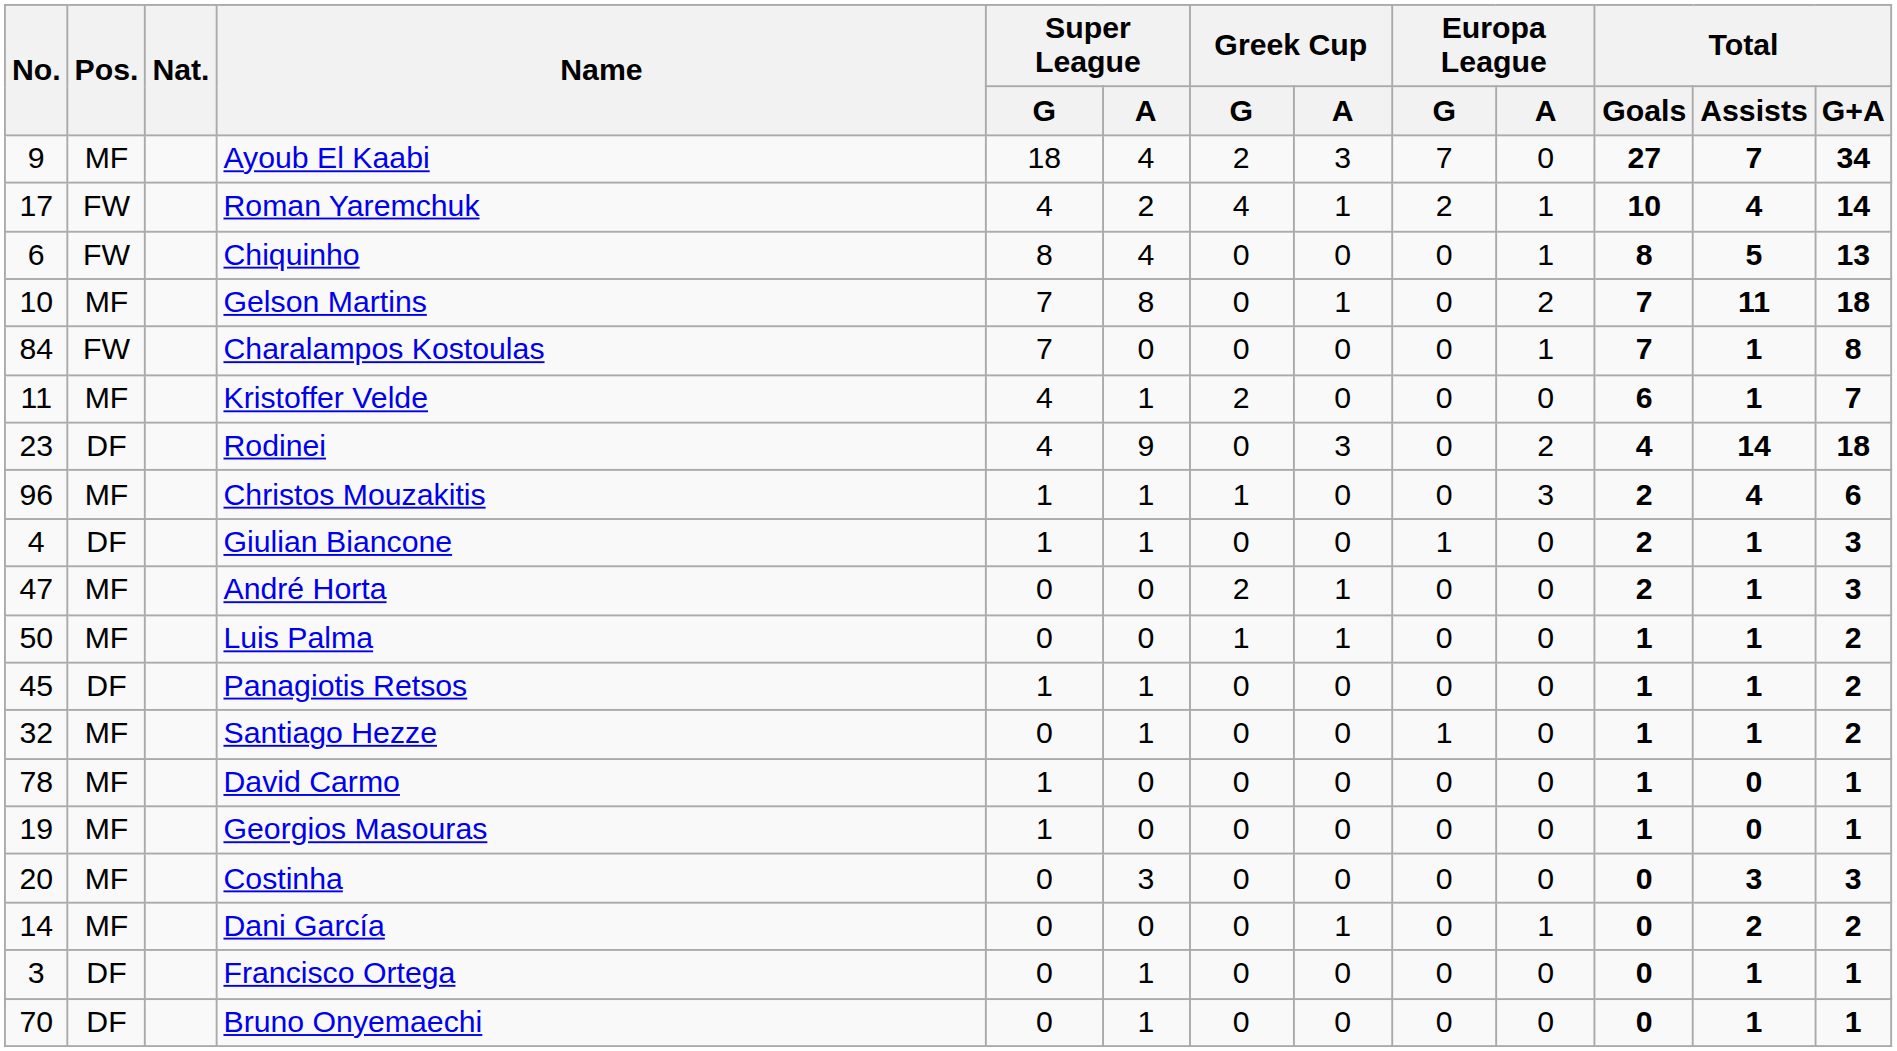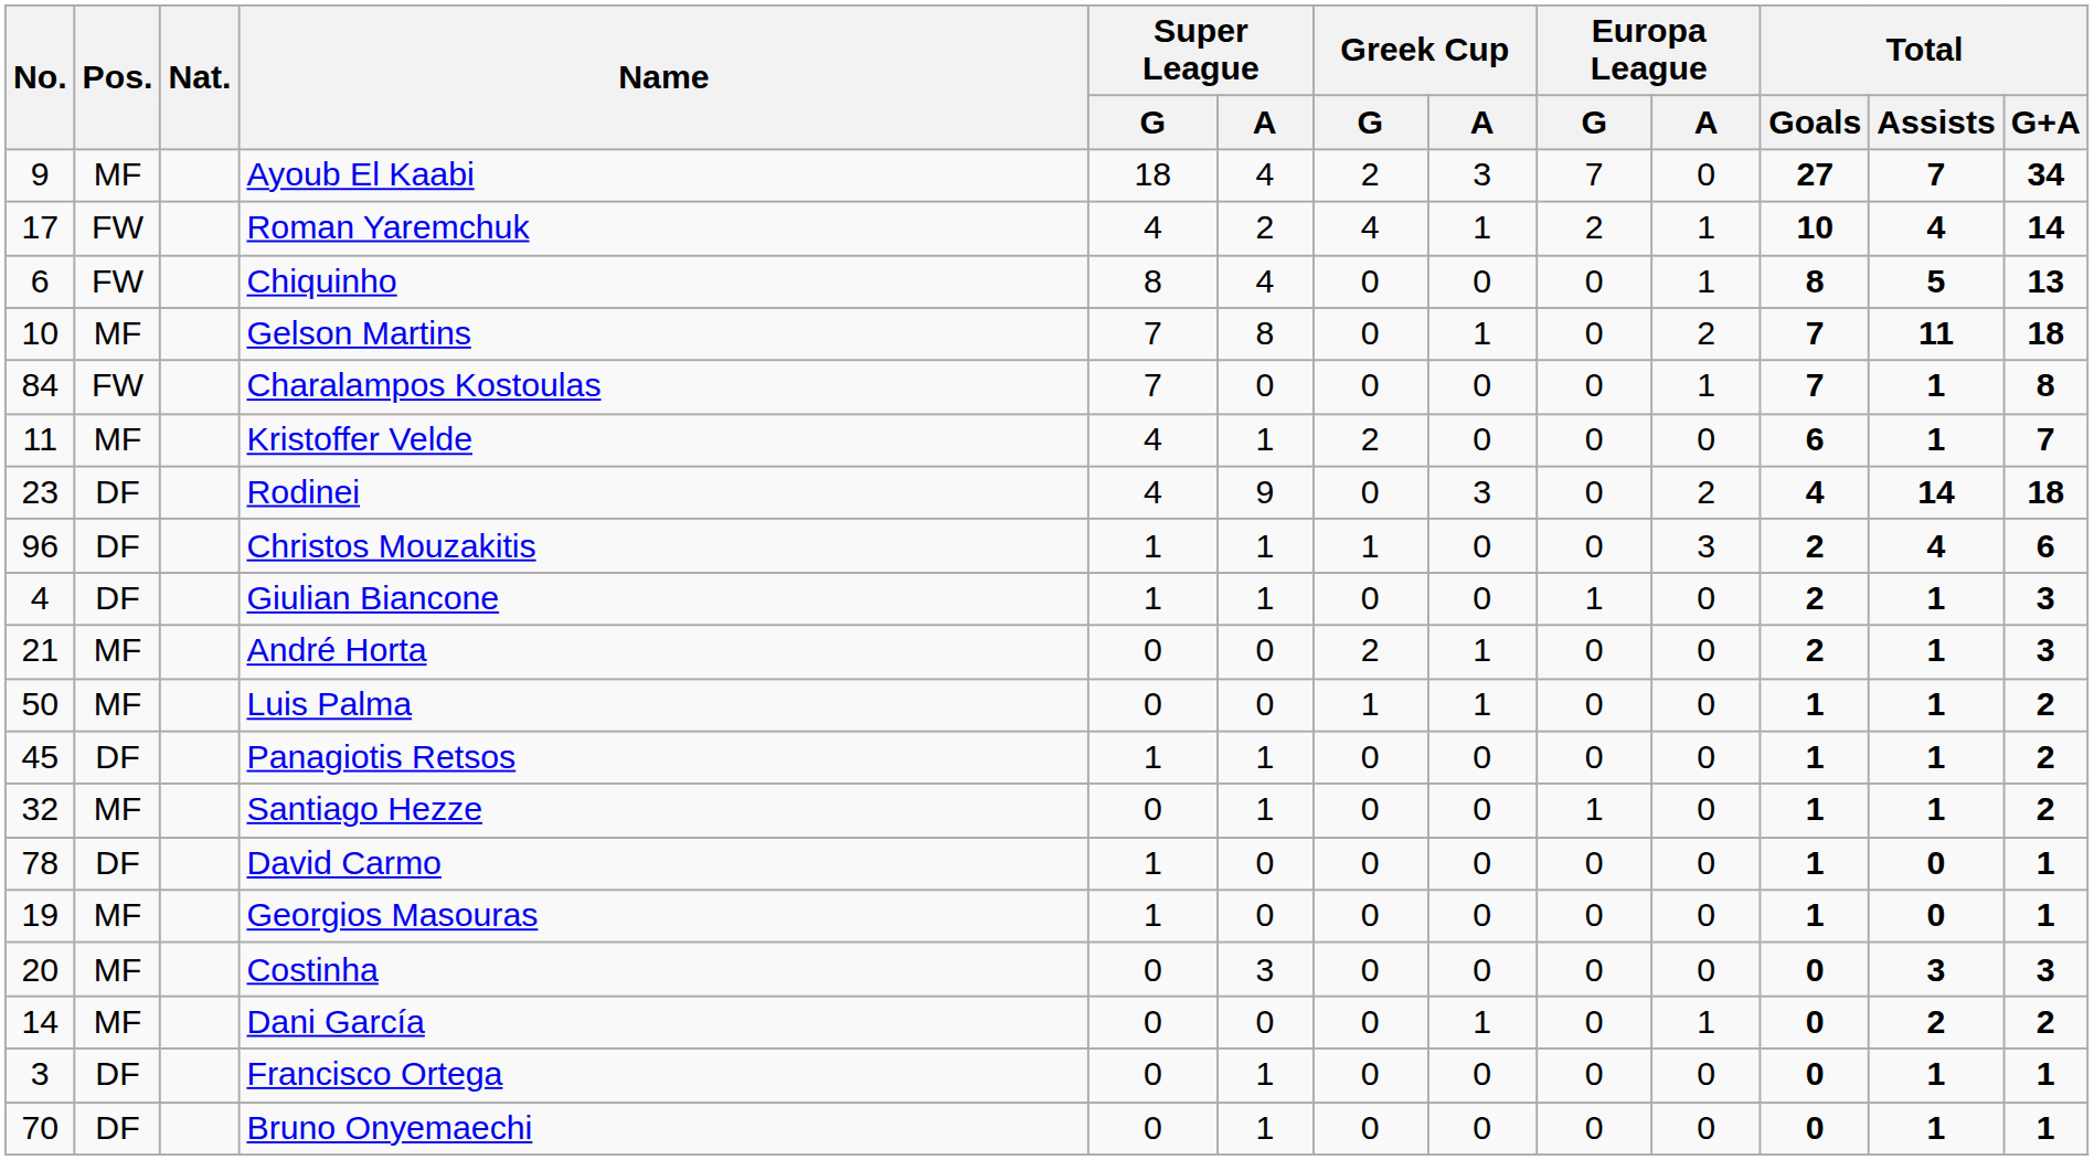 <table class="wikitable sortable" style="text-align:center">
 <tr>
 <th style="text-align:center;" rowspan="2";>No.</th>
 <th style="text-align:center;" rowspan="2";>Pos.</th>
 <th style="text-align:center;" rowspan="2";>Nat.</th>
 <th style="text-align:center; width:400px;" rowspan="2";>Name</th>
 <th style="text-align:center; width:100px;" colspan="2">Super League</th>
 <th style="text-align:center; width:100px;" colspan="2">Greek Cup</th>
 <th style="text-align:center; width:100px;" colspan="2">Europa League</th>
 <th style="text-align:center; width:100px;" colspan="3">Total</th>
 </tr>
 <tr>
 <th style="text-align:center;">G</th>
 <th style="text-align:center;">A</th>
 <th style="text-align:center;">G</th>
 <th style="text-align:center;">A</th>
 <th style="text-align:center;">G</th>
 <th style="text-align:center;">A</th>
 <th style="text-align:center;">Goals</th>
 <th style="text-align:center;">Assists</th>
 <th style="text-align:center;">G+A</th>
 </tr>
 <tr>
 <td>9</td>
 <td>MF</td>
 <td></td>
 <td align=left><a href='#'>Ayoub El Kaabi</a></td>
 <td>18</td>
 <td>4</td>
 <td>2</td>
 <td>3</td>
 <td>7</td>
 <td>0</td>
 <td><strong>27</strong></td>
 <td><strong>7</strong></td>
 <td><strong>34</strong></td>
 </tr>
 <tr>
 <td>17</td>
 <td>FW</td>
 <td></td>
 <td align="left"><a href='#'>Roman Yaremchuk</a></td>
 <td>4</td>
 <td>2</td>
 <td>4</td>
 <td>1</td>
 <td>2</td>
 <td>1</td>
 <td><strong>10</strong></td>
 <td><strong>4</strong></td>
 <td><strong>14</strong></td>
 </tr>
 <tr>
 <td>6</td>
 <td>FW</td>
 <td></td>
 <td align=left><a href='#'>Chiquinho</a></td>
 <td>8</td>
 <td>4</td>
 <td>0</td>
 <td>0</td>
 <td>0</td>
 <td>1</td>
 <td><strong>8</strong></td>
 <td><strong>5</strong></td>
 <td><strong>13</strong></td>
 </tr>
 <tr>
 <td>10</td>
 <td>MF</td>
 <td></td>
 <td align=left><a href='#'>Gelson Martins</a></td>
 <td>7</td>
 <td>8</td>
 <td>0</td>
 <td>1</td>
 <td>0</td>
 <td>2</td>
 <td><strong>7</strong></td>
 <td><strong>11</strong></td>
 <td><strong>18</strong></td>
 </tr>
 <tr>
 <td>84</td>
 <td>FW</td>
 <td></td>
 <td align=left><a href='#'>Charalampos Kostoulas</a></td>
 <td>7</td>
 <td>0</td>
 <td>0</td>
 <td>0</td>
 <td>0</td>
 <td>1</td>
 <td><strong>7</strong></td>
 <td><strong>1</strong></td>
 <td><strong>8</strong></td>
 </tr>
 <tr>
 <td>11</td>
 <td>MF</td>
 <td></td>
 <td align="left"><a href='#'>Kristoffer Velde</a></td>
 <td>4</td>
 <td>1</td>
 <td>2</td>
 <td>0</td>
 <td>0</td>
 <td>0</td>
 <td><strong>6</strong></td>
 <td><strong>1</strong></td>
 <td><strong>7</strong></td>
 </tr>
 <tr>
 <td>23</td>
 <td>DF</td>
 <td></td>
 <td align=left><a href='#'>Rodinei</a></td>
 <td>4</td>
 <td>9</td>
 <td>0</td>
 <td>3</td>
 <td>0</td>
 <td>2</td>
 <td><strong>4</strong></td>
 <td><strong>14</strong></td>
 <td><strong>18</strong></td>
 </tr>
 <tr>
 <td>96</td>
-<td>MF</td>
+<td>DF</td>
 <td></td>
 <td align=left><a href='#'>Christos Mouzakitis</a></td>
 <td>1</td>
 <td>1</td>
 <td>1</td>
 <td>0</td>
 <td>0</td>
 <td>3</td>
 <td><strong>2</strong></td>
 <td><strong>4</strong></td>
 <td><strong>6</strong></td>
 </tr>
 <tr>
 <td>4</td>
 <td>DF</td>
 <td></td>
 <td align=left><a href='#'>Giulian Biancone</a></td>
 <td>1</td>
 <td>1</td>
 <td>0</td>
 <td>0</td>
 <td>1</td>
 <td>0</td>
 <td><strong>2</strong></td>
 <td><strong>1</strong></td>
 <td><strong>3</strong></td>
 </tr>
 <tr>
-<td>47</td>
+<td>21</td>
 <td>MF</td>
 <td></td>
 <td align=left><a href='#'>André Horta</a></td>
 <td>0</td>
 <td>0</td>
 <td>2</td>
 <td>1</td>
 <td>0</td>
 <td>0</td>
 <td><strong>2</strong></td>
 <td><strong>1</strong></td>
 <td><strong>3</strong></td>
 </tr>
 <tr>
 <td>50</td>
 <td>MF</td>
 <td></td>
 <td align=left><a href='#'>Luis Palma</a></td>
 <td>0</td>
 <td>0</td>
 <td>1</td>
 <td>1</td>
 <td>0</td>
 <td>0</td>
 <td><strong>1</strong></td>
 <td><strong>1</strong></td>
 <td><strong>2</strong></td>
 </tr>
 <tr>
 <td>45</td>
 <td>DF</td>
 <td></td>
 <td align=left><a href='#'>Panagiotis Retsos</a></td>
 <td>1</td>
 <td>1</td>
 <td>0</td>
 <td>0</td>
 <td>0</td>
 <td>0</td>
 <td><strong>1</strong></td>
 <td><strong>1</strong></td>
 <td><strong>2</strong></td>
 </tr>
 <tr>
 <td>32</td>
 <td>MF</td>
 <td></td>
 <td align=left><a href='#'>Santiago Hezze</a></td>
 <td>0</td>
 <td>1</td>
 <td>0</td>
 <td>0</td>
 <td>1</td>
 <td>0</td>
 <td><strong>1</strong></td>
 <td><strong>1</strong></td>
 <td><strong>2</strong></td>
 </tr>
 <tr>
 <td>78</td>
-<td>MF</td>
+<td>DF</td>
 <td></td>
 <td align=left><a href='#'>David Carmo</a></td>
 <td>1</td>
 <td>0</td>
 <td>0</td>
 <td>0</td>
 <td>0</td>
 <td>0</td>
 <td><strong>1</strong></td>
 <td><strong>0</strong></td>
 <td><strong>1</strong></td>
 </tr>
 <tr>
 <td>19</td>
 <td>MF</td>
 <td></td>
 <td align="left"><a href='#'>Georgios Masouras</a></td>
 <td>1</td>
 <td>0</td>
 <td>0</td>
 <td>0</td>
 <td>0</td>
 <td>0</td>
 <td><strong>1</strong></td>
 <td><strong>0</strong></td>
 <td><strong>1</strong></td>
 </tr>
 <tr>
 <td>20</td>
 <td>MF</td>
 <td></td>
 <td align=left><a href='#'>Costinha</a></td>
 <td>0</td>
 <td>3</td>
 <td>0</td>
 <td>0</td>
 <td>0</td>
 <td>0</td>
 <td><strong>0</strong></td>
 <td><strong>3</strong></td>
 <td><strong>3</strong></td>
 </tr>
 <tr>
 <td>14</td>
 <td>MF</td>
 <td></td>
 <td align=left><a href='#'>Dani García</a></td>
 <td>0</td>
 <td>0</td>
 <td>0</td>
 <td>1</td>
 <td>0</td>
 <td>1</td>
 <td><strong>0</strong></td>
 <td><strong>2</strong></td>
 <td><strong>2</strong></td>
 </tr>
 <tr>
 <td>3</td>
 <td>DF</td>
 <td></td>
 <td align=left><a href='#'>Francisco Ortega</a></td>
 <td>0</td>
 <td>1</td>
 <td>0</td>
 <td>0</td>
 <td>0</td>
 <td>0</td>
 <td><strong>0</strong></td>
 <td><strong>1</strong></td>
 <td><strong>1</strong></td>
 </tr>
 <tr>
 <td>70</td>
 <td>DF</td>
 <td></td>
 <td align=left><a href='#'>Bruno Onyemaechi</a></td>
 <td>0</td>
 <td>1</td>
 <td>0</td>
 <td>0</td>
 <td>0</td>
 <td>0</td>
 <td><strong>0</strong></td>
 <td><strong>1</strong></td>
 <td><strong>1</strong></td>
 </tr>
 <tr>
 </tr>
 </table>
